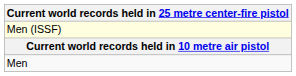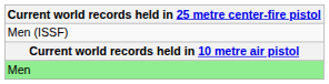 <table class="wikitable" style="font-size: 95%">
 <tr>
 <th colspan=9>Current world records held in <a href='#'>25 metre center-fire pistol</a></th>
 </tr>
 <tr>
-<td style="background: lightyellow;">Men (ISSF)<br></td>
+<td>Men (ISSF)<br></td>
 </tr>
 <tr>
 <th colspan=9>Current world records held in <a href='#'>10 metre air pistol</a></th>
 </tr>
 <tr>
-<td>Men<br></td>
+<td style="background: lightgreen;">Men<br></td>
 </tr>
 </table>
